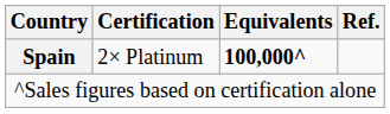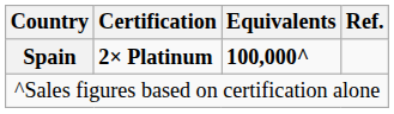 <table class="wikitable sortable plainrowheaders">
 <tr>
 <th>Country</th>
 <th>Certification</th>
 <th>Equivalents</th>
 <th>Ref.</th>
 </tr>
 <tr>
 <th scope="row">Spain</th>
-<td>2× Platinum</td>
+<td><strong>2× Platinum</strong></td>
 <td><strong>100,000^</strong></td>
 <td align="center"></td>
 </tr>
 <tr>
 <td colspan="4" align="center">^Sales figures based on certification alone</td>
 </tr>
 </table>
